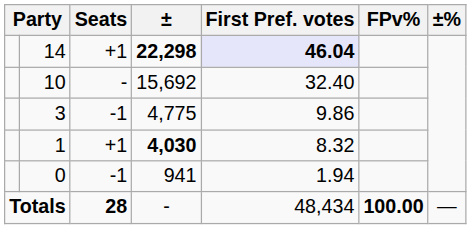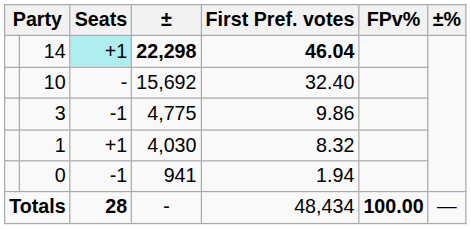 <table class=wikitable>
 <tr>
 <th colspan=2 align=center>Party</th>
 <th valign=top>Seats</th>
 <th valign=top>±</th>
 <th valign=top>First Pref. votes</th>
 <th valign=top>FPv%</th>
 <th valign=top>±%</th>
 </tr>
 <tr>
 <td></td>
 <td align=right>14</td>
-<td align=right>+1</td>
+<td align=right style="background: paleturquoise;">+1</td>
 <td align=right><strong>22,298</strong></td>
-<td align=right style="background: lavender;"><strong>46.04</strong></td>
+<td align=right><strong>46.04</strong></td>
 <td align=right></td>
 </tr>
 <tr>
 <td></td>
 <td align=right>10</td>
 <td align=right>-</td>
 <td align=right>15,692</td>
 <td align=right>32.40</td>
 <td align=right></td>
 </tr>
 <tr>
 <td></td>
 <td align=right>3</td>
 <td align=right>-1</td>
 <td align=right>4,775</td>
 <td align=right>9.86</td>
 <td align=right></td>
 </tr>
 <tr>
 <td></td>
 <td align=right>1</td>
 <td align=right>+1</td>
-<td align=right><strong>4,030</strong></td>
+<td align=right>4,030</td>
 <td align=right>8.32</td>
 <td align=right></td>
 </tr>
 <tr>
 <td></td>
 <td align=right>0</td>
 <td align=right>-1</td>
 <td align=right>941</td>
 <td align=right>1.94</td>
 <td align=right></td>
 </tr>
 <tr>
 <td colspan=2 align=center><strong>Totals</strong></td>
 <td align=right><strong>28</strong></td>
 <td align=center>-</td>
 <td align=right>48,434</td>
 <td align=center><strong>100.00</strong></td>
 <td align=center>—</td>
 </tr>
 </table>
